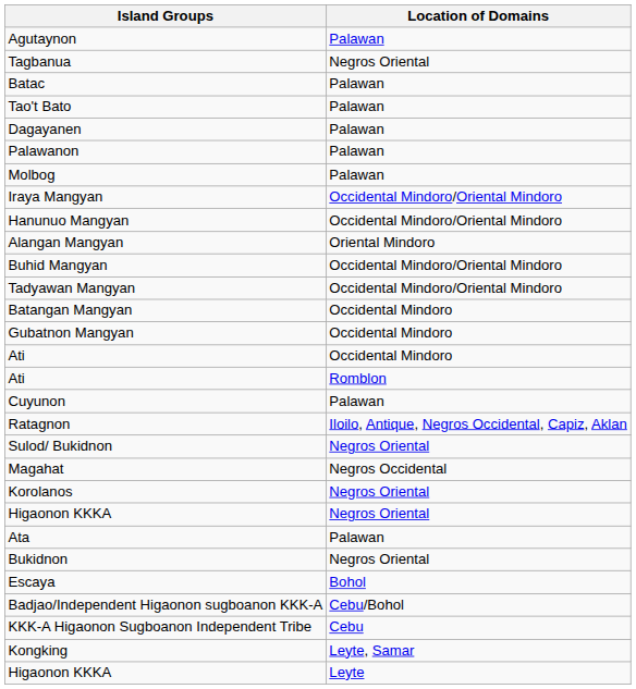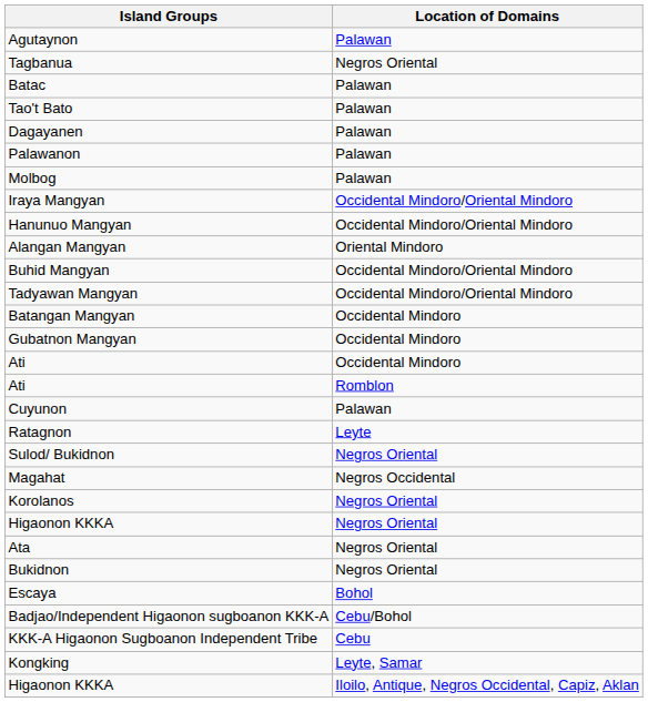 <table class="wikitable">
 <tr>
 <th>Island Groups</th>
 <th>Location of Domains</th>
 </tr>
 <tr>
 <td>Agutaynon</td>
 <td><a href='#'>Palawan</a></td>
 </tr>
 <tr>
 <td>Tagbanua</td>
 <td>Negros Oriental</td>
 </tr>
 <tr>
 <td>Batac</td>
 <td>Palawan</td>
 </tr>
 <tr>
 <td>Tao't Bato</td>
 <td>Palawan</td>
 </tr>
 <tr>
 <td>Dagayanen</td>
 <td>Palawan</td>
 </tr>
 <tr>
 <td>Palawanon</td>
 <td>Palawan</td>
 </tr>
 <tr>
 <td>Molbog</td>
 <td>Palawan</td>
 </tr>
 <tr>
 <td>Iraya Mangyan</td>
 <td><a href='#'>Occidental Mindoro</a>/<a href='#'>Oriental Mindoro</a></td>
 </tr>
 <tr>
 <td>Hanunuo Mangyan</td>
 <td>Occidental Mindoro/Oriental Mindoro</td>
 </tr>
 <tr>
 <td>Alangan Mangyan</td>
 <td>Oriental Mindoro</td>
 </tr>
 <tr>
 <td>Buhid Mangyan</td>
 <td>Occidental Mindoro/Oriental Mindoro</td>
 </tr>
 <tr>
 <td>Tadyawan Mangyan</td>
 <td>Occidental Mindoro/Oriental Mindoro</td>
 </tr>
 <tr>
 <td>Batangan Mangyan</td>
 <td>Occidental Mindoro</td>
 </tr>
 <tr>
 <td>Gubatnon Mangyan</td>
 <td>Occidental Mindoro</td>
 </tr>
 <tr>
 <td>Ati</td>
 <td>Occidental Mindoro</td>
 </tr>
 <tr>
 <td>Ati</td>
 <td><a href='#'>Romblon</a></td>
 </tr>
 <tr>
 <td>Cuyunon</td>
 <td>Palawan</td>
 </tr>
 <tr>
 <td>Ratagnon</td>
-<td><a href='#'>Iloilo</a>, <a href='#'>Antique</a>, <a href='#'>Negros Occidental</a>, <a href='#'>Capiz</a>, <a href='#'>Aklan</a></td>
+<td><a href='#'>Leyte</a></td>
 </tr>
 <tr>
 <td>Sulod/ Bukidnon</td>
 <td><a href='#'>Negros Oriental</a></td>
 </tr>
 <tr>
 <td>Magahat</td>
 <td>Negros Occidental</td>
 </tr>
 <tr>
 <td>Korolanos</td>
 <td><a href='#'>Negros Oriental</a></td>
 </tr>
 <tr>
 <td>Higaonon KKKA</td>
 <td><a href='#'>Negros Oriental</a></td>
 </tr>
 <tr>
 <td>Ata</td>
-<td>Palawan</td>
+<td>Negros Oriental</td>
 </tr>
 <tr>
 <td>Bukidnon</td>
 <td>Negros Oriental</td>
 </tr>
 <tr>
 <td>Escaya</td>
 <td><a href='#'>Bohol</a></td>
 </tr>
 <tr>
 <td>Badjao/Independent Higaonon sugboanon KKK-A</td>
 <td><a href='#'>Cebu</a>/Bohol</td>
 </tr>
 <tr>
 <td>KKK-A Higaonon Sugboanon Independent Tribe</td>
 <td><a href='#'>Cebu</a></td>
 </tr>
 <tr>
 <td>Kongking</td>
 <td><a href='#'>Leyte</a>, <a href='#'>Samar</a></td>
 </tr>
 <tr>
 <td>Higaonon KKKA</td>
-<td><a href='#'>Leyte</a></td>
+<td><a href='#'>Iloilo</a>, <a href='#'>Antique</a>, <a href='#'>Negros Occidental</a>, <a href='#'>Capiz</a>, <a href='#'>Aklan</a></td>
 </tr>
 </table>
